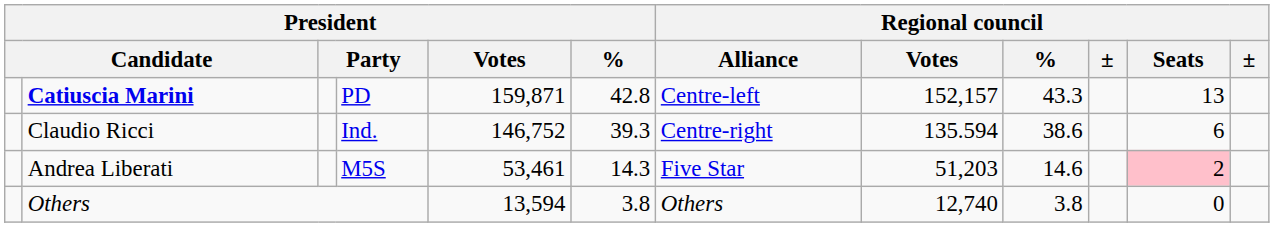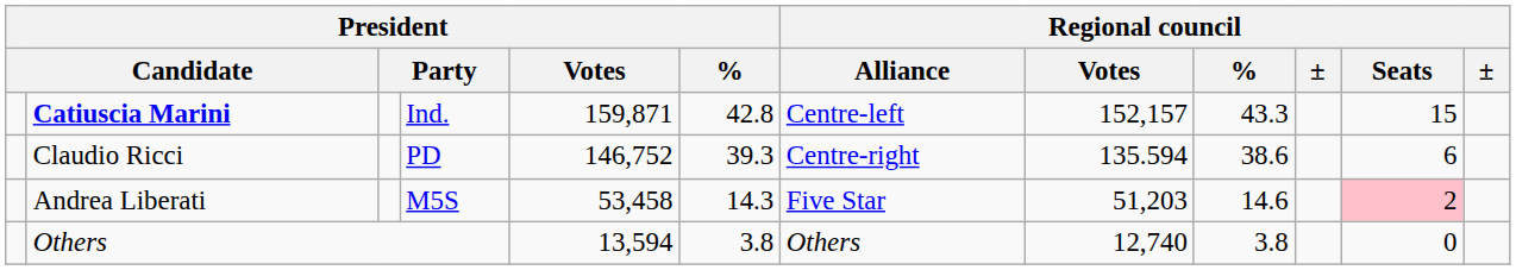 <table class="wikitable" style="text-align:right; style="width=70%">
 <tr>
 <th colspan="6">President</th>
 <th colspan="6">Regional council</th>
 </tr>
 <tr>
 <th colspan="2">Candidate</th>
 <th colspan="2">Party</th>
 <th>Votes</th>
 <th>%</th>
 <th>Alliance</th>
 <th>Votes</th>
 <th>%</th>
 <th>±</th>
 <th>Seats</th>
 <th>±</th>
 </tr>
 <tr>
 <td></td>
 <td style="text-align:left"><strong><a href='#'>Catiuscia Marini</a></strong></td>
 <td></td>
-<td style="text-align:left"><a href='#'>PD</a></td>
+<td style="text-align:left"><a href='#'>Ind.</a></td>
 <td>159,871</td>
 <td>42.8</td>
 <td style="text-align:left"><a href='#'>Centre-left</a></td>
 <td>152,157</td>
 <td>43.3</td>
 <td></td>
-<td>13</td>
+<td>15</td>
 <td></td>
 </tr>
 <tr>
 <td></td>
 <td style="text-align:left">Claudio Ricci</td>
 <td></td>
-<td style="text-align:left"><a href='#'>Ind.</a></td>
+<td style="text-align:left"><a href='#'>PD</a></td>
 <td>146,752</td>
 <td>39.3</td>
 <td style="text-align:left"><a href='#'>Centre-right</a></td>
 <td>135.594</td>
 <td>38.6</td>
 <td></td>
 <td>6</td>
 <td></td>
 </tr>
 <tr>
 <td></td>
 <td style="text-align:left">Andrea Liberati</td>
 <td></td>
 <td style="text-align:left"><a href='#'>M5S</a></td>
-<td>53,461</td>
+<td>53,458</td>
 <td>14.3</td>
 <td style="text-align:left"><a href='#'>Five Star</a></td>
 <td>51,203</td>
 <td>14.6</td>
 <td></td>
 <td style="background: pink;">2</td>
 <td></td>
 </tr>
 <tr>
 <td></td>
 <td colspan="3" style="text-align:left"><em>Others</em></td>
 <td>13,594</td>
 <td>3.8</td>
 <td style="text-align:left"><em>Others</em></td>
 <td>12,740</td>
 <td>3.8</td>
 <td></td>
 <td>0</td>
 <td></td>
 </tr>
 </table>
